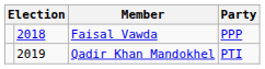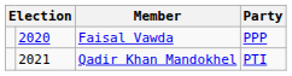 <table class="wikitable">
 <tr>
 <th colspan="2">Election</th>
 <th>Member</th>
 <th>Party</th>
 </tr>
 <tr>
 <td style="background-color: "></td>
-<td><a href='#'>2018</a></td>
+<td><a href='#'>2020</a></td>
 <td><a href='#'>Faisal Vawda</a></td>
 <td><a href='#'>PPP</a></td>
 </tr>
 <tr>
 <td style="background-color: "></td>
-<td>2019</td>
+<td>2021</td>
 <td><a href='#'>Qadir Khan Mandokhel</a></td>
 <td><a href='#'>PTI</a></td>
 </tr>
 </table>
